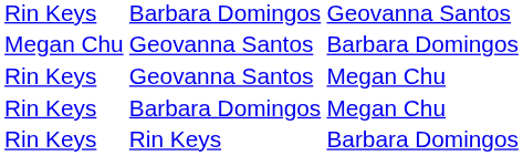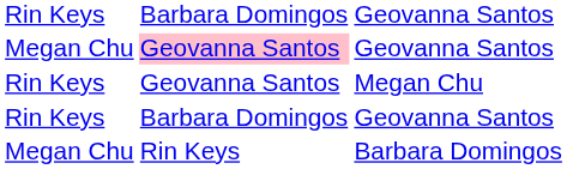 <table>
 <tr>
 <th scope=row style="text-align:left"></th>
 <td valign=top><br></td>
 <td valign=top><br></td>
 <td valign=top><br></td>
 </tr>
 <tr>
 <th scope=row style="text-align:left"></th>
 <td> <a href='#'>Rin Keys</a></td>
 <td> <a href='#'>Barbara Domingos</a></td>
 <td> <a href='#'>Geovanna Santos</a></td>
 </tr>
 <tr>
 <th scope=row style="text-align:left"></th>
 <td> <a href='#'>Megan Chu</a></td>
+<td style="background: pink;"> <a href='#'>Geovanna Santos</a></td>
 <td> <a href='#'>Geovanna Santos</a></td>
-<td> <a href='#'>Barbara Domingos</a></td>
 </tr>
 <tr>
 <th scope=row style="text-align:left"></th>
 <td> <a href='#'>Rin Keys</a></td>
 <td> <a href='#'>Geovanna Santos</a></td>
 <td> <a href='#'>Megan Chu</a></td>
 </tr>
 <tr>
 <th scope=row style="text-align:left"></th>
 <td> <a href='#'>Rin Keys</a></td>
 <td> <a href='#'>Barbara Domingos</a></td>
-<td> <a href='#'>Megan Chu</a></td>
+<td> <a href='#'>Geovanna Santos</a></td>
 </tr>
 <tr>
 <th scope=row style="text-align:left"></th>
-<td> <a href='#'>Rin Keys</a></td>
+<td> <a href='#'>Megan Chu</a></td>
 <td> <a href='#'>Rin Keys</a></td>
 <td> <a href='#'>Barbara Domingos</a></td>
 </tr>
 <tr>
 <th scope=row style="text-align:left"></th>
 <td valign=top><br></td>
 <td valign=top><br></td>
 <td valign=top><br></td>
 </tr>
 <tr>
 <th scope=row style="text-align:left"></th>
 <td valign=top><br></td>
 <td valign=top><br></td>
 <td valign=top><br></td>
 </tr>
 <tr>
 <th scope=row style="text-align:left"></th>
 <td valign=top><br></td>
 <td valign=top><br></td>
 <td valign=top><br></td>
 </tr>
 </table>
